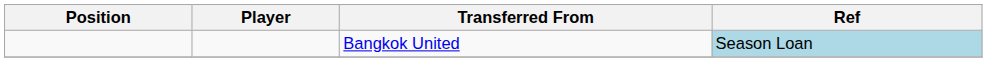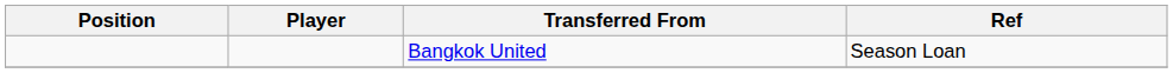 <table class="wikitable sortable" style="width:60%; font-size:100%; text-align:left;">
 <tr>
 <th>Position</th>
 <th>Player</th>
 <th>Transferred From</th>
 <th>Ref</th>
 </tr>
 <tr>
 <td></td>
 <td></td>
 <td> <a href='#'>Bangkok United</a></td>
-<td style="background: lightblue;">Season Loan</td>
+<td>Season Loan</td>
 </tr>
 <tr>
 </tr>
 </table>
